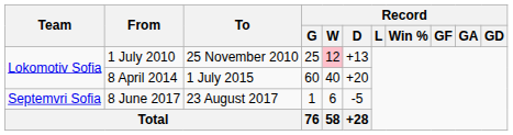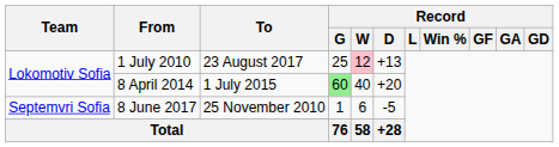 <table class="wikitable" style="text-align: center">
 <tr>
 <th rowspan=2>Team</th>
 <th rowspan=2>From</th>
 <th rowspan=2>To</th>
 <th colspan=8>Record</th>
 </tr>
 <tr>
 <th>G</th>
 <th>W</th>
 <th>D</th>
 <th>L</th>
 <th>Win %</th>
 <th>GF</th>
 <th>GA</th>
 <th>GD</th>
 </tr>
 <tr>
 <td rowspan="2" align="left"><a href='#'>Lokomotiv Sofia</a></td>
 <td rowspan="1" align="left">1 July 2010</td>
-<td rowspan="1" align="left">25 November 2010<br></td>
+<td rowspan="1" align="left">23 August 2017<br></td>
 <td align="center">25</td>
 <td align="center" style="background: pink;">12</td>
 <td align="center">+13</td>
 </tr>
 <tr>
 <td rowspan="1" align="left">8 April 2014</td>
 <td rowspan="1" align="left">1 July 2015<br></td>
-<td align="center">60</td>
+<td align="center" style="background: lightgreen;">60</td>
 <td align="center">40</td>
 <td align="center">+20</td>
 </tr>
 <tr>
 <td rowspan="1" align="left"><a href='#'>Septemvri Sofia</a></td>
 <td rowspan="1" align="left">8 June 2017</td>
-<td rowspan="1" align="left">23 August 2017<br></td>
+<td rowspan="1" align="left">25 November 2010<br></td>
 <td align="center">1</td>
 <td align="center">6</td>
 <td align="center">-5</td>
 </tr>
 <tr>
 <th colspan="3">Total<br></th>
 <th align="center">76</th>
 <th align="center">58</th>
 <th align="center">+28</th>
 </tr>
 </table>
